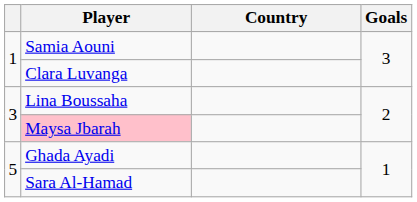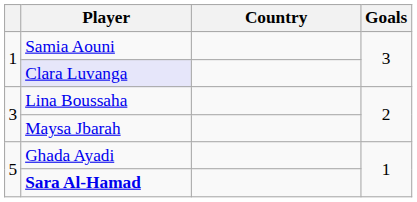 <table class="wikitable sortable" style="text-align:center">
 <tr>
 <th></th>
 <th width=150>Player</th>
 <th width=150>Country</th>
 <th>Goals</th>
 </tr>
 <tr>
 <td align=center rowspan=2>1</td>
 <td align=left><a href='#'>Samia Aouni</a></td>
 <td align=left></td>
 <td rowspan=2>3</td>
 </tr>
 <tr>
-<td align=left><a href='#'>Clara Luvanga</a></td>
+<td align=left style="background: lavender;"><a href='#'>Clara Luvanga</a></td>
 <td align=left></td>
 </tr>
 <tr>
 <td align=center rowspan=2>3</td>
 <td align=left><a href='#'>Lina Boussaha</a></td>
 <td align=left></td>
 <td rowspan=2>2</td>
 </tr>
 <tr>
-<td align=left style="background: pink;"><a href='#'>Maysa Jbarah</a></td>
+<td align=left><a href='#'>Maysa Jbarah</a></td>
 <td align=left></td>
 </tr>
 <tr>
 <td align=center rowspan=2>5</td>
 <td align=left><a href='#'>Ghada Ayadi</a></td>
 <td align=left></td>
 <td rowspan=2>1</td>
 </tr>
 <tr>
-<td align=left><a href='#'>Sara Al-Hamad</a></td>
+<td align=left><strong><a href='#'>Sara Al-Hamad</a></strong></td>
 <td align=left></td>
 </tr>
 </table>
